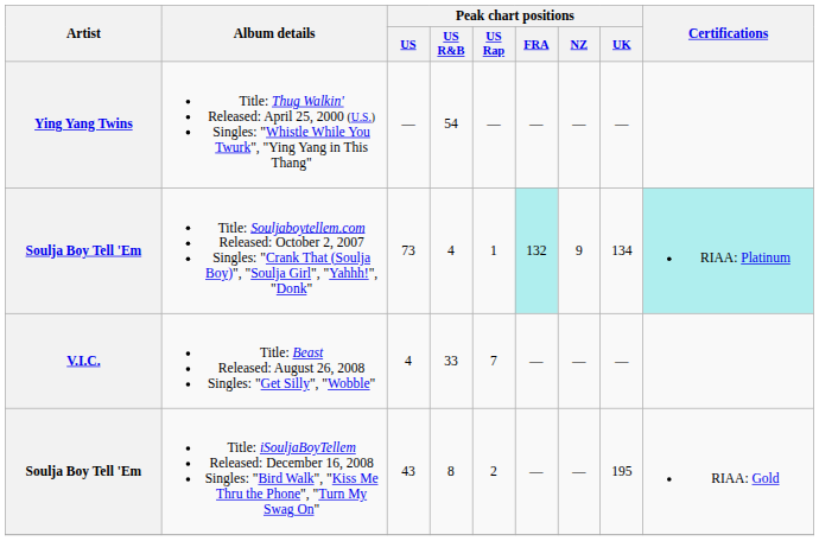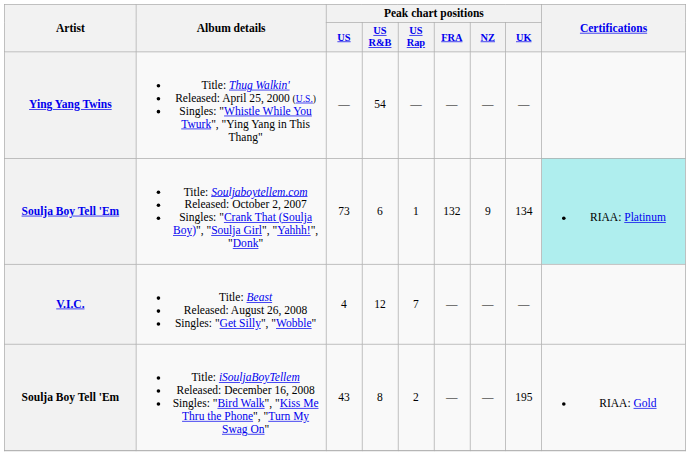 <table class="wikitable plainrowheaders" style="text-align:center;">
 <tr>
 <th scope="col" rowspan="2" style="width:11em;">Artist</th>
 <th scope="col" rowspan="2" style="width:16em;">Album details</th>
 <th scope="col" colspan="6">Peak chart positions</th>
 <th scope="col" rowspan="2" style="width:12em;"><a href='#'>Certifications</a></th>
 </tr>
 <tr>
 <th scope="col" style="width:3em;font-size:90%;"><a href='#'>US</a></th>
 <th scope="col" style="width:3em;font-size:90%;"><a href='#'>US R&B</a></th>
 <th scope="col" style="width:3em;font-size:90%;"><a href='#'>US<br>Rap</a></th>
 <th style="width:3em;font-size:90%;"><a href='#'>FRA</a></th>
 <th style="width:3em;font-size:90%;"><a href='#'>NZ</a></th>
 <th style="width:3em;font-size:90%;"><a href='#'>UK</a></th>
 </tr>
 <tr>
 <th scope="row"><a href='#'>Ying Yang Twins</a></th>
 <td><br><ul><li>Title: <em><a href='#'>Thug Walkin'</a></em></li><li>Released: April 25, 2000 <small>(<a href='#'>U.S.</a>)</small></li><li>Singles: "<a href='#'>Whistle While You Twurk</a>", "Ying Yang in This Thang"</li></ul></td>
 <td>—</td>
 <td>54</td>
 <td>—</td>
 <td>—</td>
 <td>—</td>
 <td>—</td>
 <td></td>
 </tr>
 <tr>
 <th scope="row"><a href='#'>Soulja Boy Tell 'Em</a></th>
 <td><br><ul><li>Title: <em><a href='#'>Souljaboytellem.com</a></em></li><li>Released: October 2, 2007</li><li>Singles: "<a href='#'>Crank That (Soulja Boy)</a>", "<a href='#'>Soulja Girl</a>", "<a href='#'>Yahhh!</a>", "<a href='#'>Donk</a>"</li></ul></td>
 <td>73</td>
-<td>4</td>
+<td>6</td>
 <td>1</td>
-<td style="background: paleturquoise;">132</td>
+<td>132</td>
 <td>9</td>
 <td>134</td>
 <td style="background: paleturquoise;"><br><ul><li>RIAA: <a href='#'>Platinum</a></li></ul></td>
 </tr>
 <tr>
 <th scope="row"><a href='#'>V.I.C.</a></th>
 <td><br><ul><li>Title: <em><a href='#'>Beast</a></em></li><li>Released: August 26, 2008</li><li>Singles: "<a href='#'>Get Silly</a>", "<a href='#'>Wobble</a>"</li></ul></td>
 <td>4</td>
-<td>33</td>
+<td>12</td>
 <td>7</td>
 <td>—</td>
 <td>—</td>
 <td>—</td>
 <td></td>
 </tr>
 <tr>
 <th scope="row">Soulja Boy Tell 'Em</th>
 <td><br><ul><li>Title: <em><a href='#'>iSouljaBoyTellem</a></em></li><li>Released: December 16, 2008</li><li>Singles: "<a href='#'>Bird Walk</a>", "<a href='#'>Kiss Me Thru the Phone</a>", "<a href='#'>Turn My Swag On</a>"</li></ul></td>
 <td>43</td>
 <td>8</td>
 <td>2</td>
 <td>—</td>
 <td>—</td>
 <td>195</td>
 <td><br><ul><li>RIAA: <a href='#'>Gold</a></li></ul></td>
 </tr>
 <tr>
 </tr>
 </table>
